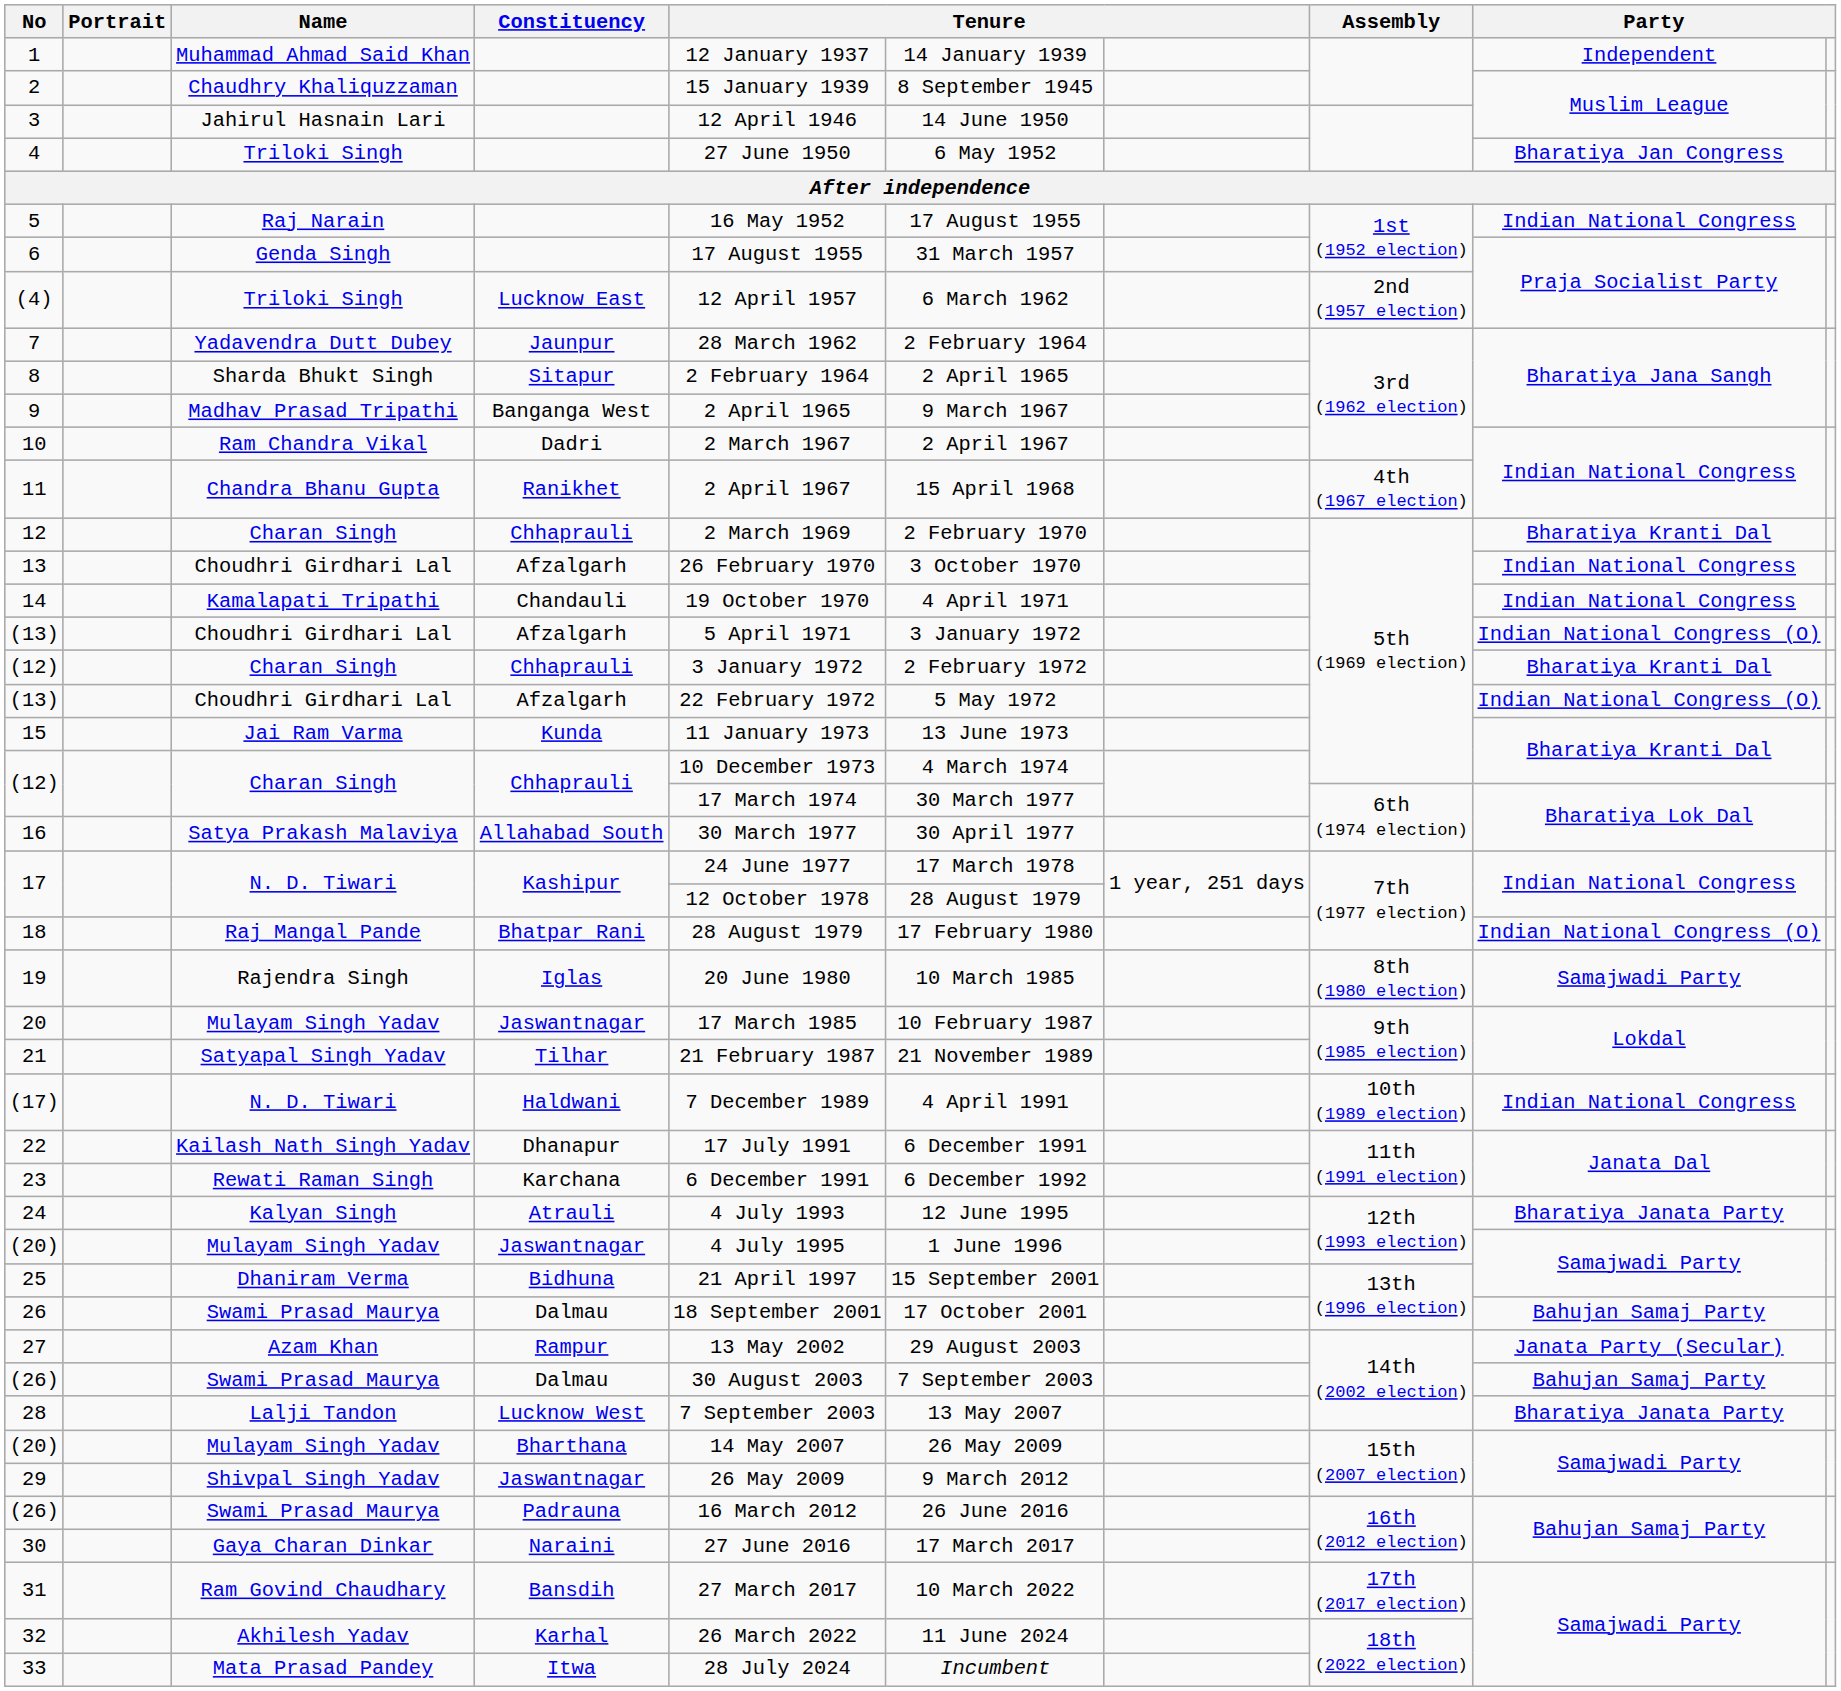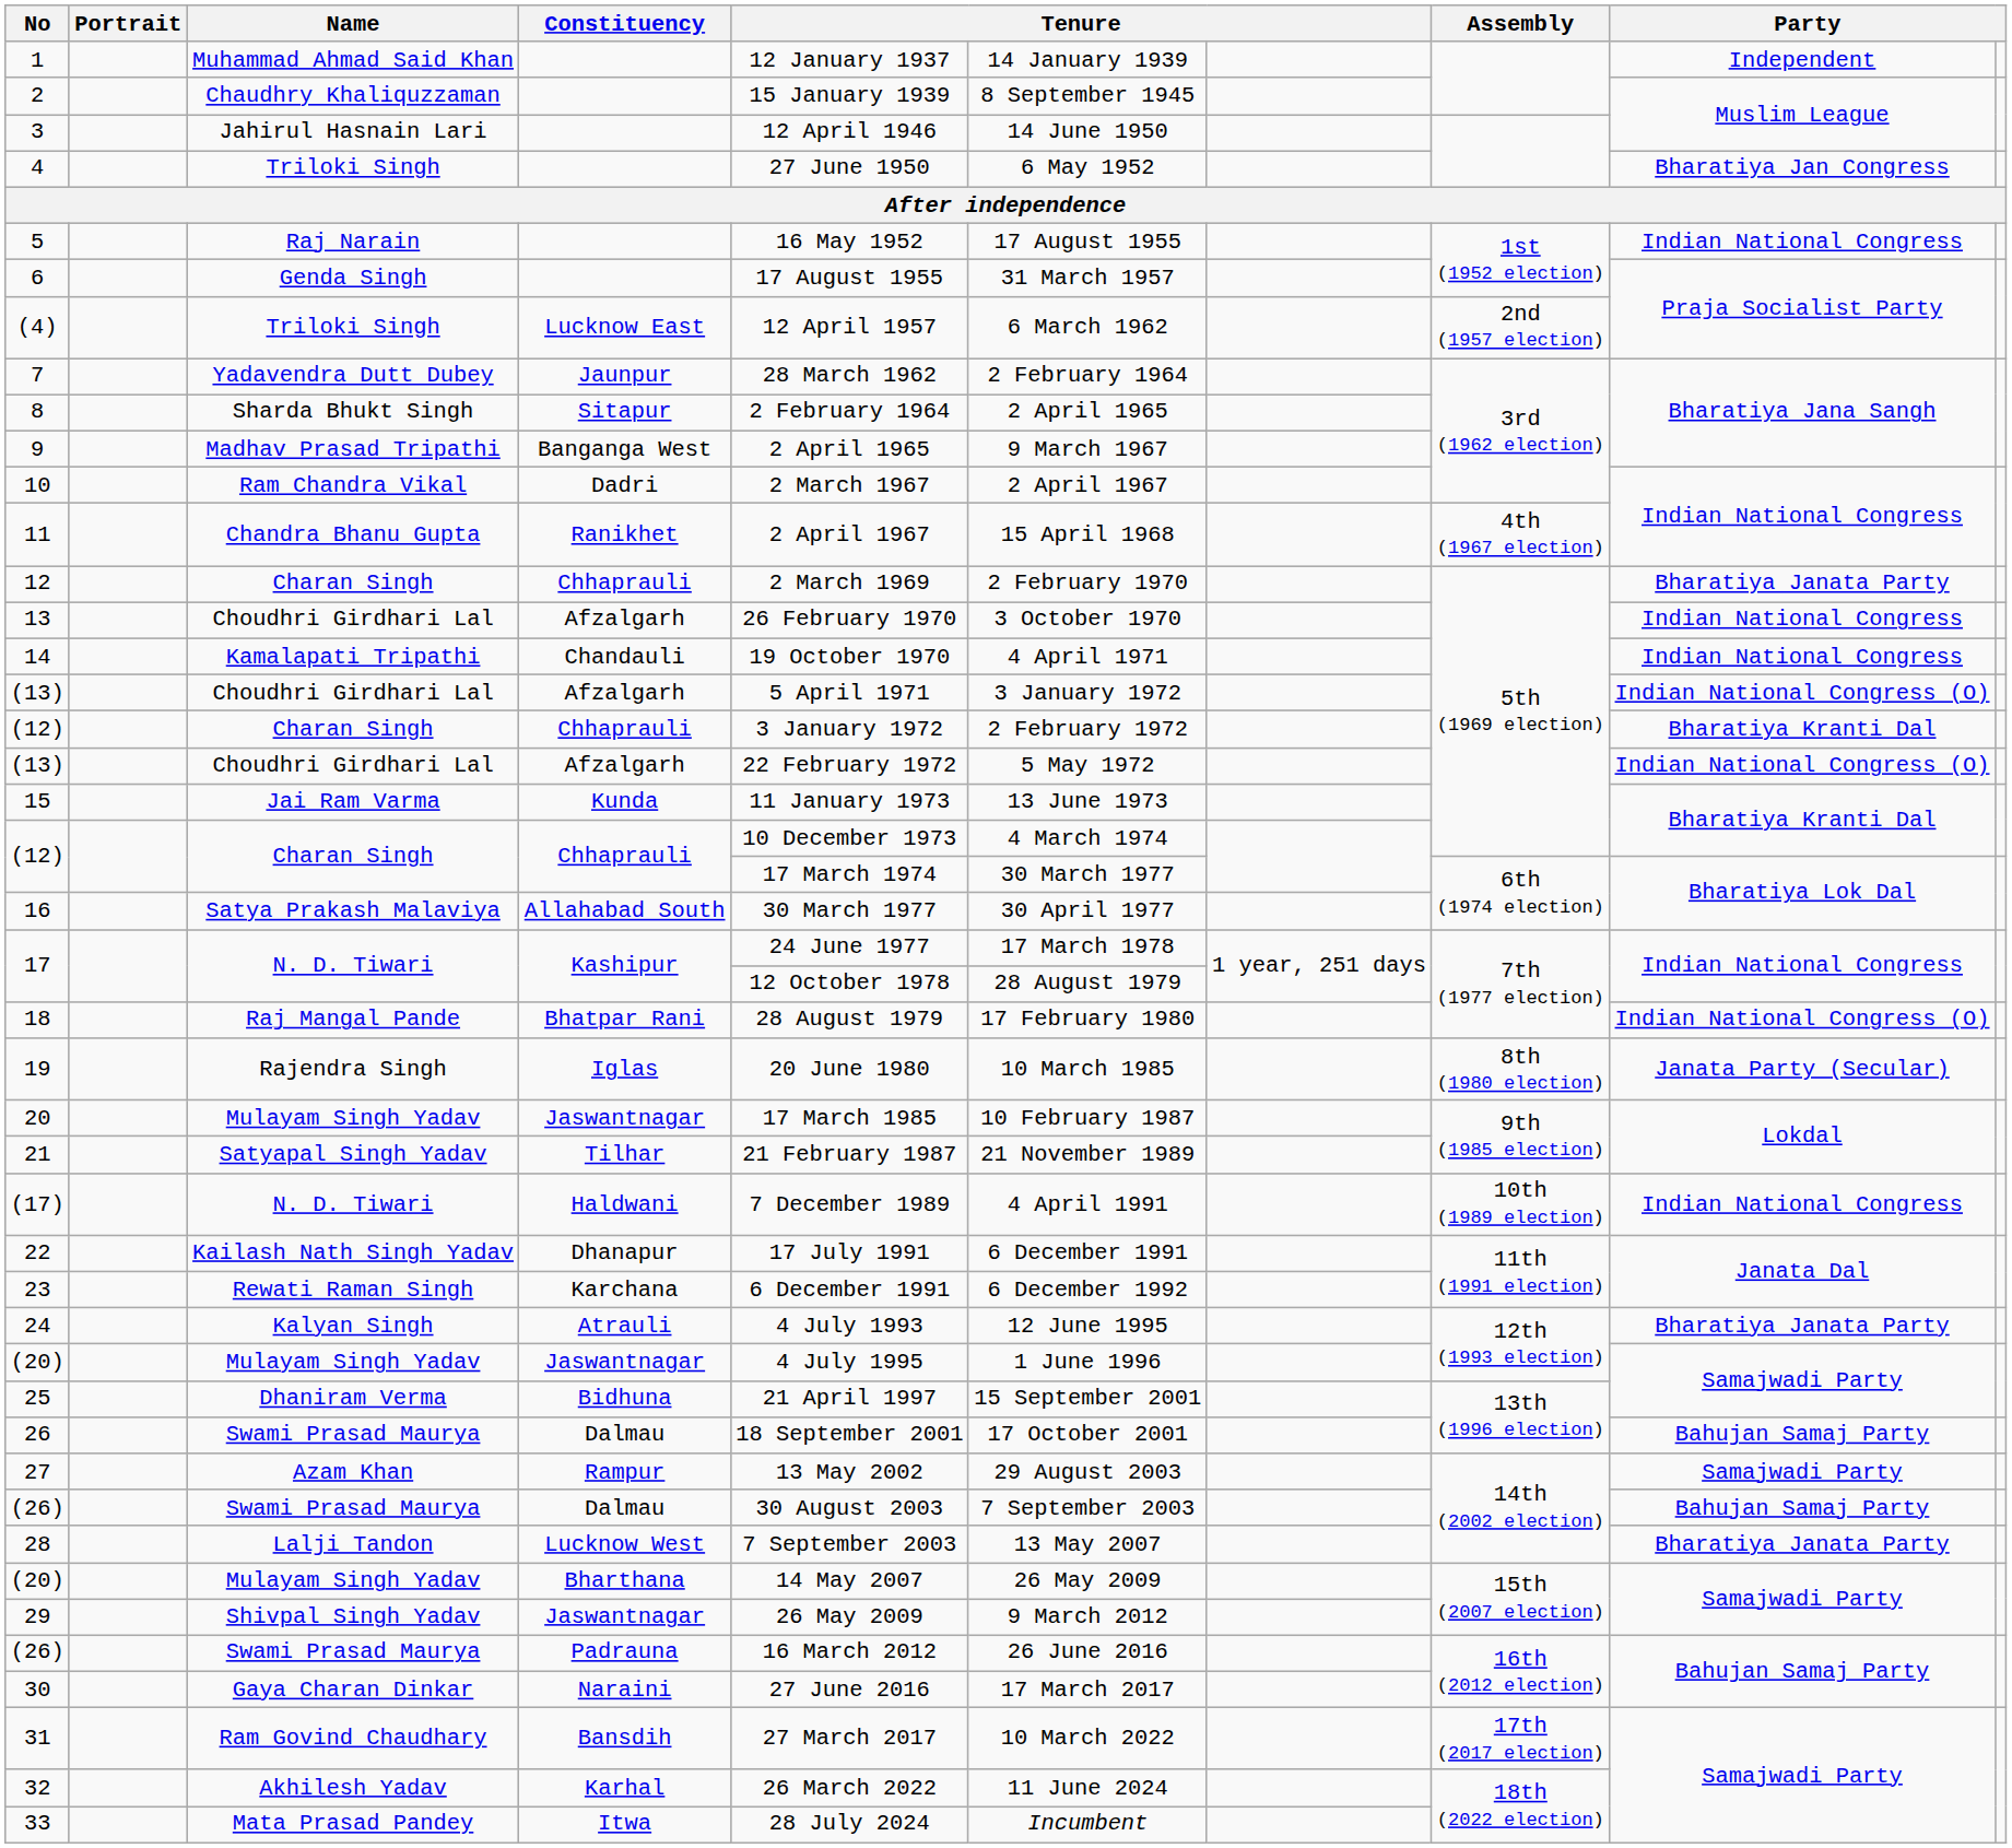 <table class="wikitable" style="text-align:center">
 <tr>
 <th>No</th>
 <th>Portrait</th>
 <th>Name</th>
 <th><a href='#'>Constituency</a></th>
 <th colspan="3">Tenure</th>
 <th>Assembly</th>
 <th colspan="2">Party</th>
 </tr>
 <tr>
 <td>1</td>
 <td></td>
 <td><a href='#'>Muhammad Ahmad Said Khan</a></td>
 <td></td>
 <td>12 January 1937</td>
 <td>14 January 1939</td>
 <td></td>
 <td rowspan="2"><a href='#'><br></a></td>
 <td><a href='#'>Independent</a></td>
 <td style="background-color: "></td>
 </tr>
 <tr>
 <td>2</td>
 <td></td>
 <td><a href='#'>Chaudhry Khaliquzzaman</a></td>
 <td></td>
 <td>15 January 1939</td>
 <td>8 September 1945</td>
 <td></td>
 <td rowspan="2"><a href='#'>Muslim League</a></td>
 <td rowspan="2" style="background:"></td>
 </tr>
 <tr>
 <td>3</td>
 <td></td>
 <td>Jahirul Hasnain Lari</td>
 <td></td>
 <td>12 April 1946</td>
 <td>14 June 1950</td>
 <td></td>
 <td rowspan="2"><a href='#'><br></a></td>
 </tr>
 <tr>
 <td>4</td>
 <td></td>
 <td><a href='#'>Triloki Singh</a></td>
 <td></td>
 <td>27 June 1950</td>
 <td>6 May 1952</td>
 <td></td>
 <td><a href='#'>Bharatiya Jan Congress</a></td>
 <td style="background:"></td>
 </tr>
 <tr>
 <th colspan="10"><em>After independence</em></th>
 </tr>
 <tr>
 <td>5</td>
 <td></td>
 <td><a href='#'>Raj Narain</a></td>
 <td></td>
 <td>16 May 1952</td>
 <td>17 August 1955</td>
 <td></td>
 <td rowspan="2"><a href='#'>1st</a><br><small>(<a href='#'>1952 election</a>)</small></td>
 <td><a href='#'>Indian National Congress</a></td>
 <td style="background:"></td>
 </tr>
 <tr>
 <td>6</td>
 <td></td>
 <td><a href='#'>Genda Singh</a></td>
 <td></td>
 <td>17 August 1955</td>
 <td>31 March 1957</td>
 <td></td>
 <td rowspan="2"><a href='#'>Praja Socialist Party</a></td>
 <td rowspan="2" style="background:"></td>
 </tr>
 <tr>
 <td>(4)</td>
 <td></td>
 <td><a href='#'>Triloki Singh</a></td>
 <td><a href='#'>Lucknow East</a></td>
 <td>12 April 1957</td>
 <td>6 March 1962</td>
 <td></td>
 <td>2nd<br><small>(<a href='#'>1957 election</a>)</small></td>
 </tr>
 <tr>
 <td>7</td>
 <td></td>
 <td><a href='#'>Yadavendra Dutt Dubey</a></td>
 <td><a href='#'>Jaunpur</a></td>
 <td>28 March 1962</td>
 <td>2 February 1964</td>
 <td></td>
 <td rowspan="4">3rd<br><small>(<a href='#'>1962 election</a>)</small></td>
 <td rowspan="3"><a href='#'>Bharatiya Jana Sangh</a></td>
 <td rowspan="3" style="background:"></td>
 </tr>
 <tr>
 <td>8</td>
 <td></td>
 <td>Sharda Bhukt Singh</td>
 <td><a href='#'>Sitapur</a></td>
 <td>2 February 1964</td>
 <td>2 April 1965</td>
 <td></td>
 </tr>
 <tr>
 <td>9</td>
 <td></td>
 <td><a href='#'>Madhav Prasad Tripathi</a></td>
 <td>Banganga West</td>
 <td>2 April 1965</td>
 <td>9 March 1967</td>
 <td></td>
 </tr>
 <tr>
 <td>10</td>
 <td></td>
 <td><a href='#'>Ram Chandra Vikal</a></td>
 <td>Dadri</td>
 <td>2 March 1967</td>
 <td>2 April 1967</td>
 <td></td>
 <td rowspan="2"><a href='#'>Indian National Congress</a></td>
 <td rowspan="2" style="background:"></td>
 </tr>
 <tr>
 <td>11</td>
 <td></td>
 <td><a href='#'>Chandra Bhanu Gupta</a></td>
 <td><a href='#'>Ranikhet</a></td>
 <td>2 April 1967</td>
 <td>15 April 1968</td>
 <td></td>
 <td>4th<br><small>(<a href='#'>1967 election</a>)</small></td>
 </tr>
 <tr>
 <td>12</td>
 <td></td>
 <td><a href='#'>Charan Singh</a></td>
 <td><a href='#'>Chhaprauli</a></td>
 <td>2 March 1969</td>
 <td>2 February 1970</td>
 <td></td>
 <td rowspan="8">5th<br><small>(1969 election)</small></td>
-<td><a href='#'>Bharatiya Kranti Dal</a></td>
+<td><a href='#'>Bharatiya Janata Party</a></td>
 <td style="background:"></td>
 </tr>
 <tr>
 <td>13</td>
 <td></td>
 <td>Choudhri Girdhari Lal</td>
 <td>Afzalgarh</td>
 <td>26 February 1970</td>
 <td>3 October 1970</td>
 <td></td>
 <td><a href='#'>Indian National Congress</a></td>
 <td style="background:"></td>
 </tr>
 <tr>
 <td>14</td>
 <td></td>
 <td><a href='#'>Kamalapati Tripathi</a></td>
 <td>Chandauli</td>
 <td>19 October 1970</td>
 <td>4 April 1971</td>
 <td></td>
 <td><a href='#'>Indian National Congress</a></td>
 <td style="background:"></td>
 </tr>
 <tr>
 <td>(13)</td>
 <td></td>
 <td>Choudhri Girdhari Lal</td>
 <td>Afzalgarh</td>
 <td>5 April 1971</td>
 <td>3 January 1972</td>
 <td></td>
 <td><a href='#'>Indian National Congress (O)</a></td>
 <td style="background:"></td>
 </tr>
 <tr>
 <td>(12)</td>
 <td></td>
 <td><a href='#'>Charan Singh</a></td>
 <td><a href='#'>Chhaprauli</a></td>
 <td>3 January 1972</td>
 <td>2 February 1972</td>
 <td></td>
 <td><a href='#'>Bharatiya Kranti Dal</a></td>
 <td style="background:"></td>
 </tr>
 <tr>
 <td>(13)</td>
 <td></td>
 <td>Choudhri Girdhari Lal</td>
 <td>Afzalgarh</td>
 <td>22 February 1972</td>
 <td>5 May 1972</td>
 <td></td>
 <td><a href='#'>Indian National Congress (O)</a></td>
 <td style="background:"></td>
 </tr>
 <tr>
 <td>15</td>
 <td></td>
 <td><a href='#'>Jai Ram Varma</a></td>
 <td><a href='#'>Kunda</a></td>
 <td>11 January 1973</td>
 <td>13 June 1973</td>
 <td></td>
 <td rowspan="2"><a href='#'>Bharatiya Kranti Dal</a></td>
 <td rowspan="2" style="background:"></td>
 </tr>
 <tr>
 <td rowspan="2">(12)</td>
 <td rowspan="2"></td>
 <td rowspan="2"><a href='#'>Charan Singh</a></td>
 <td rowspan="2"><a href='#'>Chhaprauli</a></td>
 <td>10 December 1973</td>
 <td>4 March 1974</td>
 <td rowspan="2"></td>
 </tr>
 <tr>
 <td>17 March 1974</td>
 <td>30 March 1977</td>
 <td rowspan="2">6th<br><small>(1974 election)</small></td>
 <td rowspan="2"><a href='#'>Bharatiya Lok Dal</a></td>
 <td rowspan="2" style="background:"></td>
 </tr>
 <tr>
 <td>16</td>
 <td></td>
 <td><a href='#'>Satya Prakash Malaviya</a></td>
 <td><a href='#'>Allahabad South</a></td>
 <td>30 March 1977</td>
 <td>30 April 1977</td>
 <td></td>
 </tr>
 <tr>
 <td rowspan="2">17</td>
 <td rowspan="2"></td>
 <td rowspan="2"><a href='#'>N. D. Tiwari</a></td>
 <td rowspan="2"><a href='#'>Kashipur</a></td>
 <td>24 June 1977</td>
 <td>17 March 1978</td>
 <td rowspan="2">1 year, 251 days</td>
 <td rowspan="3">7th<br><small>(1977 election)</small></td>
 <td rowspan="2"><a href='#'>Indian National Congress</a></td>
 <td rowspan="2" style="background:"></td>
 </tr>
 <tr>
 <td>12 October 1978</td>
 <td>28 August 1979</td>
 </tr>
 <tr>
 <td>18</td>
 <td></td>
 <td><a href='#'>Raj Mangal Pande</a></td>
 <td><a href='#'>Bhatpar Rani</a></td>
 <td>28 August 1979</td>
 <td>17 February 1980</td>
 <td></td>
 <td><a href='#'>Indian National Congress (O)</a></td>
 <td style="background:"></td>
 </tr>
 <tr>
 <td>19</td>
 <td></td>
 <td>Rajendra Singh</td>
 <td><a href='#'>Iglas</a></td>
 <td>20 June 1980</td>
 <td>10 March 1985</td>
 <td></td>
 <td>8th<br><small>(<a href='#'>1980 election</a>)</small></td>
-<td><a href='#'>Samajwadi Party</a></td>
+<td><a href='#'>Janata Party (Secular)</a></td>
 <td style="background:"></td>
 </tr>
 <tr>
 <td>20</td>
 <td></td>
 <td><a href='#'>Mulayam Singh Yadav</a></td>
 <td><a href='#'>Jaswantnagar</a></td>
 <td>17 March 1985</td>
 <td>10 February 1987</td>
 <td></td>
 <td rowspan="2">9th<br><small>(<a href='#'>1985 election</a>)</small></td>
 <td rowspan="2"><a href='#'>Lokdal</a></td>
 <td rowspan="2" style="background:"></td>
 </tr>
 <tr>
 <td>21</td>
 <td></td>
 <td><a href='#'>Satyapal Singh Yadav</a></td>
 <td><a href='#'>Tilhar</a></td>
 <td>21 February 1987</td>
 <td>21 November 1989</td>
 <td></td>
 </tr>
 <tr>
 <td>(17)</td>
 <td></td>
 <td><a href='#'>N. D. Tiwari</a></td>
 <td><a href='#'>Haldwani</a></td>
 <td>7 December 1989</td>
 <td>4 April 1991</td>
 <td></td>
 <td>10th<br><small>(<a href='#'>1989 election</a>)</small></td>
 <td><a href='#'>Indian National Congress</a></td>
 <td style="background:"></td>
 </tr>
 <tr>
 <td>22</td>
 <td></td>
 <td><a href='#'>Kailash Nath Singh Yadav</a></td>
 <td>Dhanapur</td>
 <td>17 July 1991</td>
 <td>6 December 1991</td>
 <td></td>
 <td rowspan="2">11th<br><small>(<a href='#'>1991 election</a>)</small></td>
 <td rowspan="2"><a href='#'>Janata Dal</a></td>
 <td rowspan="2" style="background:"></td>
 </tr>
 <tr>
 <td>23</td>
 <td></td>
 <td><a href='#'>Rewati Raman Singh</a></td>
 <td>Karchana</td>
 <td>6 December 1991</td>
 <td>6 December 1992</td>
 <td></td>
 </tr>
 <tr>
 <td>24</td>
 <td></td>
 <td><a href='#'>Kalyan Singh</a></td>
 <td><a href='#'>Atrauli</a></td>
 <td>4 July 1993</td>
 <td>12 June 1995</td>
 <td></td>
 <td rowspan="2">12th<br><small>(<a href='#'>1993 election</a>)</small></td>
 <td><a href='#'>Bharatiya Janata Party</a></td>
 <td style="background:"></td>
 </tr>
 <tr>
 <td>(20)</td>
 <td></td>
 <td><a href='#'>Mulayam Singh Yadav</a></td>
 <td><a href='#'>Jaswantnagar</a></td>
 <td>4 July 1995</td>
 <td>1 June 1996</td>
 <td></td>
 <td rowspan="2"><a href='#'>Samajwadi Party</a></td>
 <td rowspan="2" style="background:"></td>
 </tr>
 <tr>
 <td>25</td>
 <td></td>
 <td><a href='#'>Dhaniram Verma</a></td>
 <td><a href='#'>Bidhuna</a></td>
 <td>21 April 1997</td>
 <td>15 September 2001</td>
 <td></td>
 <td rowspan="2">13th<br><small>(<a href='#'>1996 election</a>)</small></td>
 </tr>
 <tr>
 <td>26</td>
 <td></td>
 <td><a href='#'>Swami Prasad Maurya</a></td>
 <td>Dalmau</td>
 <td>18 September 2001</td>
 <td>17 October 2001</td>
 <td></td>
 <td><a href='#'>Bahujan Samaj Party</a></td>
 <td style="background:"></td>
 </tr>
 <tr>
 <td>27</td>
 <td></td>
 <td><a href='#'>Azam Khan</a></td>
 <td><a href='#'>Rampur</a></td>
 <td>13 May 2002</td>
 <td>29 August 2003</td>
 <td></td>
 <td rowspan="3">14th<br><small>(<a href='#'>2002 election</a>)</small></td>
-<td><a href='#'>Janata Party (Secular)</a></td>
+<td><a href='#'>Samajwadi Party</a></td>
 <td style="background:"></td>
 </tr>
 <tr>
 <td>(26)</td>
 <td></td>
 <td><a href='#'>Swami Prasad Maurya</a></td>
 <td>Dalmau</td>
 <td>30 August 2003</td>
 <td>7 September 2003</td>
 <td></td>
 <td><a href='#'>Bahujan Samaj Party</a></td>
 <td style="background:"></td>
 </tr>
 <tr>
 <td>28</td>
 <td></td>
 <td><a href='#'>Lalji Tandon</a></td>
 <td><a href='#'>Lucknow West</a></td>
 <td>7 September 2003</td>
 <td>13 May 2007</td>
 <td></td>
 <td><a href='#'>Bharatiya Janata Party</a></td>
 <td style="background:"></td>
 </tr>
 <tr>
 <td>(20)</td>
 <td></td>
 <td><a href='#'>Mulayam Singh Yadav</a></td>
 <td><a href='#'>Bharthana</a></td>
 <td>14 May 2007</td>
 <td>26 May 2009</td>
 <td></td>
 <td rowspan="2">15th<br><small>(<a href='#'>2007 election</a>)</small></td>
 <td rowspan="2"><a href='#'>Samajwadi Party</a></td>
 <td rowspan="2" style="background:"></td>
 </tr>
 <tr>
 <td>29</td>
 <td></td>
 <td><a href='#'>Shivpal Singh Yadav</a></td>
 <td><a href='#'>Jaswantnagar</a></td>
 <td>26 May 2009</td>
 <td>9 March 2012</td>
 <td></td>
 </tr>
 <tr>
 <td>(26)</td>
 <td></td>
 <td><a href='#'>Swami Prasad Maurya</a></td>
 <td><a href='#'>Padrauna</a></td>
 <td>16 March 2012</td>
 <td>26 June 2016</td>
 <td></td>
 <td rowspan="2"><a href='#'>16th</a><br><small>(<a href='#'>2012 election</a>)</small></td>
 <td rowspan="2"><a href='#'>Bahujan Samaj Party</a></td>
 <td rowspan="2" style="background:"></td>
 </tr>
 <tr>
 <td>30</td>
 <td></td>
 <td><a href='#'>Gaya Charan Dinkar</a></td>
 <td><a href='#'>Naraini</a></td>
 <td>27 June 2016</td>
 <td>17 March 2017</td>
 <td></td>
 </tr>
 <tr>
 <td>31</td>
 <td></td>
 <td><a href='#'>Ram Govind Chaudhary</a></td>
 <td><a href='#'>Bansdih</a></td>
 <td>27 March 2017</td>
 <td>10 March 2022</td>
 <td></td>
 <td><a href='#'>17th</a><br><small>(<a href='#'>2017 election</a>)</small></td>
 <td rowspan="3"><a href='#'>Samajwadi Party</a></td>
 <td rowspan="3" style="background:"></td>
 </tr>
 <tr>
 <td>32</td>
 <td></td>
 <td><a href='#'>Akhilesh Yadav</a></td>
 <td><a href='#'>Karhal</a></td>
 <td>26 March 2022</td>
 <td>11 June 2024</td>
 <td></td>
 <td rowspan="2"><a href='#'>18th</a><br><small>(<a href='#'>2022 election</a>)</small></td>
 </tr>
 <tr>
 <td>33</td>
 <td></td>
 <td><a href='#'>Mata Prasad Pandey</a></td>
 <td><a href='#'>Itwa</a></td>
 <td>28 July 2024</td>
 <td><em>Incumbent</em></td>
 <td></td>
 </tr>
 </table>
